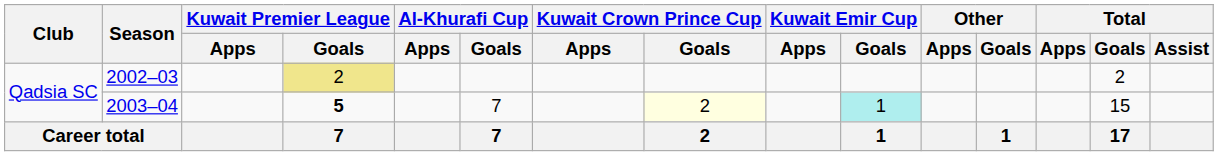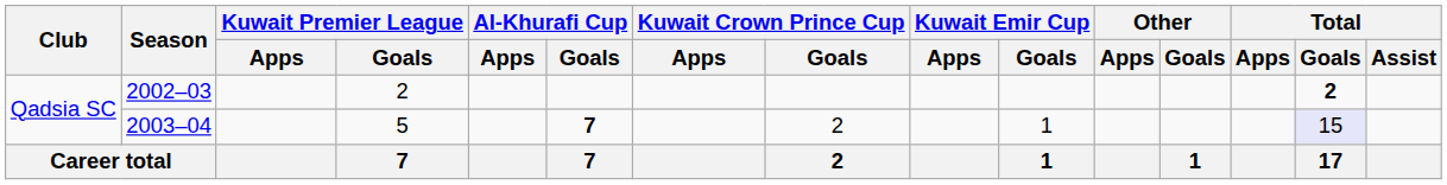 <table class="wikitable" style="text-align: center">
 <tr>
 <th rowspan="2">Club</th>
 <th rowspan="2">Season</th>
 <th colspan="2"><a href='#'>Kuwait Premier League</a></th>
 <th colspan="2"><a href='#'>Al-Khurafi Cup</a></th>
 <th colspan="2"><a href='#'>Kuwait Crown Prince Cup</a></th>
 <th colspan="2"><a href='#'>Kuwait Emir Cup</a></th>
 <th colspan="2">Other</th>
 <th colspan="3">Total</th>
 </tr>
 <tr>
 <th>Apps</th>
 <th>Goals</th>
 <th>Apps</th>
 <th>Goals</th>
 <th>Apps</th>
 <th>Goals</th>
 <th>Apps</th>
 <th>Goals</th>
 <th>Apps</th>
 <th>Goals</th>
 <th>Apps</th>
 <th>Goals</th>
 <th>Assist</th>
 </tr>
 <tr>
 <td rowspan="2"><a href='#'>Qadsia SC</a></td>
 <td><a href='#'>2002–03</a></td>
 <td></td>
-<td style="background: khaki;">2</td>
+<td>2</td>
 <td></td>
 <td></td>
 <td></td>
 <td></td>
 <td></td>
 <td></td>
 <td></td>
 <td></td>
 <td></td>
-<td>2</td>
+<td><strong>2</strong></td>
 <td></td>
 </tr>
 <tr>
 <td><a href='#'>2003–04</a></td>
 <td></td>
-<td><strong>5</strong></td>
+<td>5</td>
 <td></td>
-<td>7</td>
+<td><strong>7</strong></td>
 <td></td>
-<td style="background: lightyellow;">2</td>
+<td>2</td>
 <td></td>
-<td style="background: paleturquoise;">1</td>
+<td>1</td>
 <td></td>
 <td></td>
 <td></td>
-<td>15</td>
+<td style="background: lavender;">15</td>
 <td></td>
 </tr>
 <tr>
 <th colspan="2">Career total</th>
 <th></th>
 <th>7</th>
 <th></th>
 <th>7</th>
 <th></th>
 <th>2</th>
 <th></th>
 <th>1</th>
 <th></th>
 <th>1</th>
 <th></th>
 <th>17</th>
 <th></th>
 </tr>
 </table>
